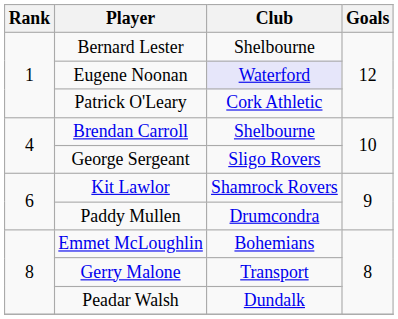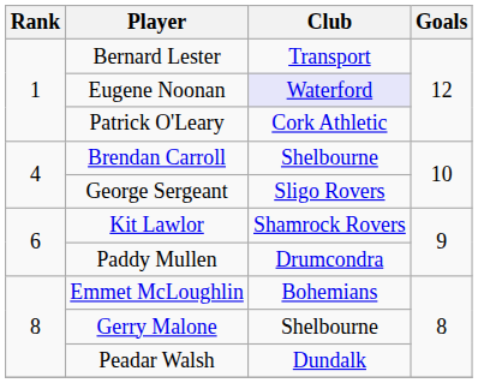 <table class="wikitable" style="text-align:center">
 <tr>
 <th>Rank</th>
 <th>Player</th>
 <th>Club</th>
 <th>Goals</th>
 </tr>
 <tr>
 <td rowspan="3">1</td>
 <td> Bernard Lester</td>
-<td>Shelbourne</td>
+<td><a href='#'>Transport</a></td>
 <td rowspan="3">12</td>
 </tr>
 <tr>
 <td> Eugene Noonan</td>
 <td style="background: lavender;"><a href='#'>Waterford</a></td>
 </tr>
 <tr>
 <td> Patrick O'Leary</td>
 <td><a href='#'>Cork Athletic</a></td>
 </tr>
 <tr>
 <td rowspan="2">4</td>
 <td> <a href='#'>Brendan Carroll</a></td>
 <td><a href='#'>Shelbourne</a></td>
 <td rowspan="2">10</td>
 </tr>
 <tr>
 <td> George Sergeant</td>
 <td><a href='#'>Sligo Rovers</a></td>
 </tr>
 <tr>
 <td rowspan="2">6</td>
 <td> <a href='#'>Kit Lawlor</a></td>
 <td><a href='#'>Shamrock Rovers</a></td>
 <td rowspan="2">9</td>
 </tr>
 <tr>
 <td> Paddy Mullen</td>
 <td><a href='#'>Drumcondra</a></td>
 </tr>
 <tr>
 <td rowspan="3">8</td>
 <td> <a href='#'>Emmet McLoughlin</a></td>
 <td><a href='#'>Bohemians</a></td>
 <td rowspan="3">8</td>
 </tr>
 <tr>
 <td> <a href='#'>Gerry Malone</a></td>
-<td><a href='#'>Transport</a></td>
+<td>Shelbourne</td>
 </tr>
 <tr>
 <td> Peadar Walsh</td>
 <td><a href='#'>Dundalk</a></td>
 </tr>
 <tr>
 </tr>
 </table>
